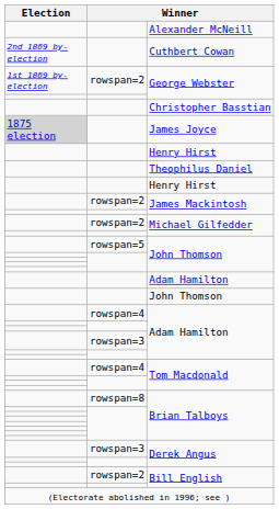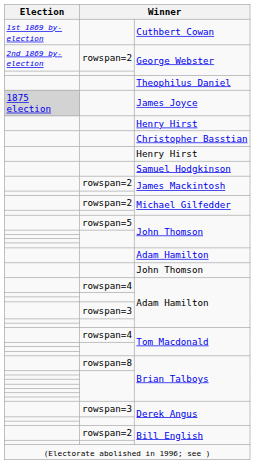 <table class=wikitable>
 <tr>
 <th width=100>Election</th>
 <th width=175 colspan=2>Winner</th>
 </tr>
 <tr>
-<td></td>
-<td></td>
-<td><a href='#'>Alexander McNeill</a></td>
-</tr>
-<tr>
-<td><small><em><a href='#'>2nd 1869 by-election</a></em></small></td>
+<td><small><em><a href='#'>1st 1869 by-election</a></em></small></td>
 <td></td>
 <td><a href='#'>Cuthbert Cowan</a></td>
 </tr>
 <tr>
-<td><small><em><a href='#'>1st 1869 by-election</a></em></small></td>
+<td><small><em><a href='#'>2nd 1869 by-election</a></em></small></td>
 <td>rowspan=2 </td>
 <td rowspan=2><a href='#'>George Webster</a></td>
 </tr>
 <tr>
 <td></td>
 </tr>
 <tr>
 <td></td>
 <td></td>
-<td><a href='#'>Christopher Basstian</a></td>
+<td><a href='#'>Theophilus Daniel</a></td>
 </tr>
 <tr>
 <td style="background: lightgrey;"><a href='#'>1875 election</a></td>
 <td></td>
 <td><a href='#'>James Joyce</a></td>
 </tr>
 <tr>
 <td></td>
 <td></td>
 <td><a href='#'>Henry Hirst</a></td>
 </tr>
 <tr>
 <td></td>
 <td></td>
-<td><a href='#'>Theophilus Daniel</a></td>
+<td><a href='#'>Christopher Basstian</a></td>
 </tr>
 <tr>
 <td></td>
 <td></td>
 <td>Henry Hirst</td>
+</tr>
+<tr>
+<td></td>
+<td></td>
+<td><a href='#'>Samuel Hodgkinson</a></td>
 </tr>
 <tr>
 <td></td>
 <td>rowspan=2 </td>
 <td rowspan=2><a href='#'>James Mackintosh</a></td>
 </tr>
 <tr>
 <td></td>
 </tr>
 <tr>
 <td></td>
 <td>rowspan=2 </td>
 <td rowspan=2><a href='#'>Michael Gilfedder</a></td>
 </tr>
 <tr>
 <td></td>
 </tr>
 <tr>
 <td></td>
 <td>rowspan=5 </td>
 <td rowspan=5><a href='#'>John Thomson</a></td>
 </tr>
 <tr>
 <td></td>
 </tr>
 <tr>
 <td></td>
 </tr>
 <tr>
 <td></td>
 </tr>
 <tr>
 <td></td>
 </tr>
 <tr>
 <td></td>
 <td></td>
 <td><a href='#'>Adam Hamilton</a></td>
 </tr>
 <tr>
 <td></td>
 <td></td>
 <td>John Thomson</td>
 </tr>
 <tr>
 <td></td>
 <td>rowspan=4 </td>
 <td rowspan=7>Adam Hamilton</td>
 </tr>
 <tr>
 <td></td>
 </tr>
 <tr>
 <td></td>
 </tr>
 <tr>
 <td rowspan=2 height=18></td>
 </tr>
 <tr>
 <td>rowspan=3 </td>
 </tr>
 <tr>
 <td></td>
 </tr>
 <tr>
 <td></td>
 </tr>
 <tr>
 <td></td>
 <td>rowspan=4 </td>
 <td rowspan=4><a href='#'>Tom Macdonald</a></td>
 </tr>
 <tr>
 <td></td>
 </tr>
 <tr>
 <td></td>
 </tr>
 <tr>
 <td></td>
 </tr>
 <tr>
 <td></td>
 <td>rowspan=8 </td>
 <td rowspan=8><a href='#'>Brian Talboys</a></td>
 </tr>
 <tr>
 <td></td>
 </tr>
 <tr>
 <td></td>
 </tr>
 <tr>
 <td></td>
 </tr>
 <tr>
 <td></td>
 </tr>
 <tr>
 <td></td>
 </tr>
 <tr>
 <td></td>
 </tr>
 <tr>
 <td></td>
 </tr>
 <tr>
 <td></td>
 <td>rowspan=3 </td>
 <td rowspan=3><a href='#'>Derek Angus</a></td>
 </tr>
 <tr>
 <td></td>
 </tr>
 <tr>
 <td></td>
 </tr>
 <tr>
 <td></td>
 <td>rowspan=2 </td>
 <td rowspan=2><a href='#'>Bill English</a></td>
 </tr>
 <tr>
 <td></td>
 </tr>
 <tr>
 <td colspan=3 align=center><small>(Electorate abolished in 1996; see )</small></td>
 </tr>
 </table>
